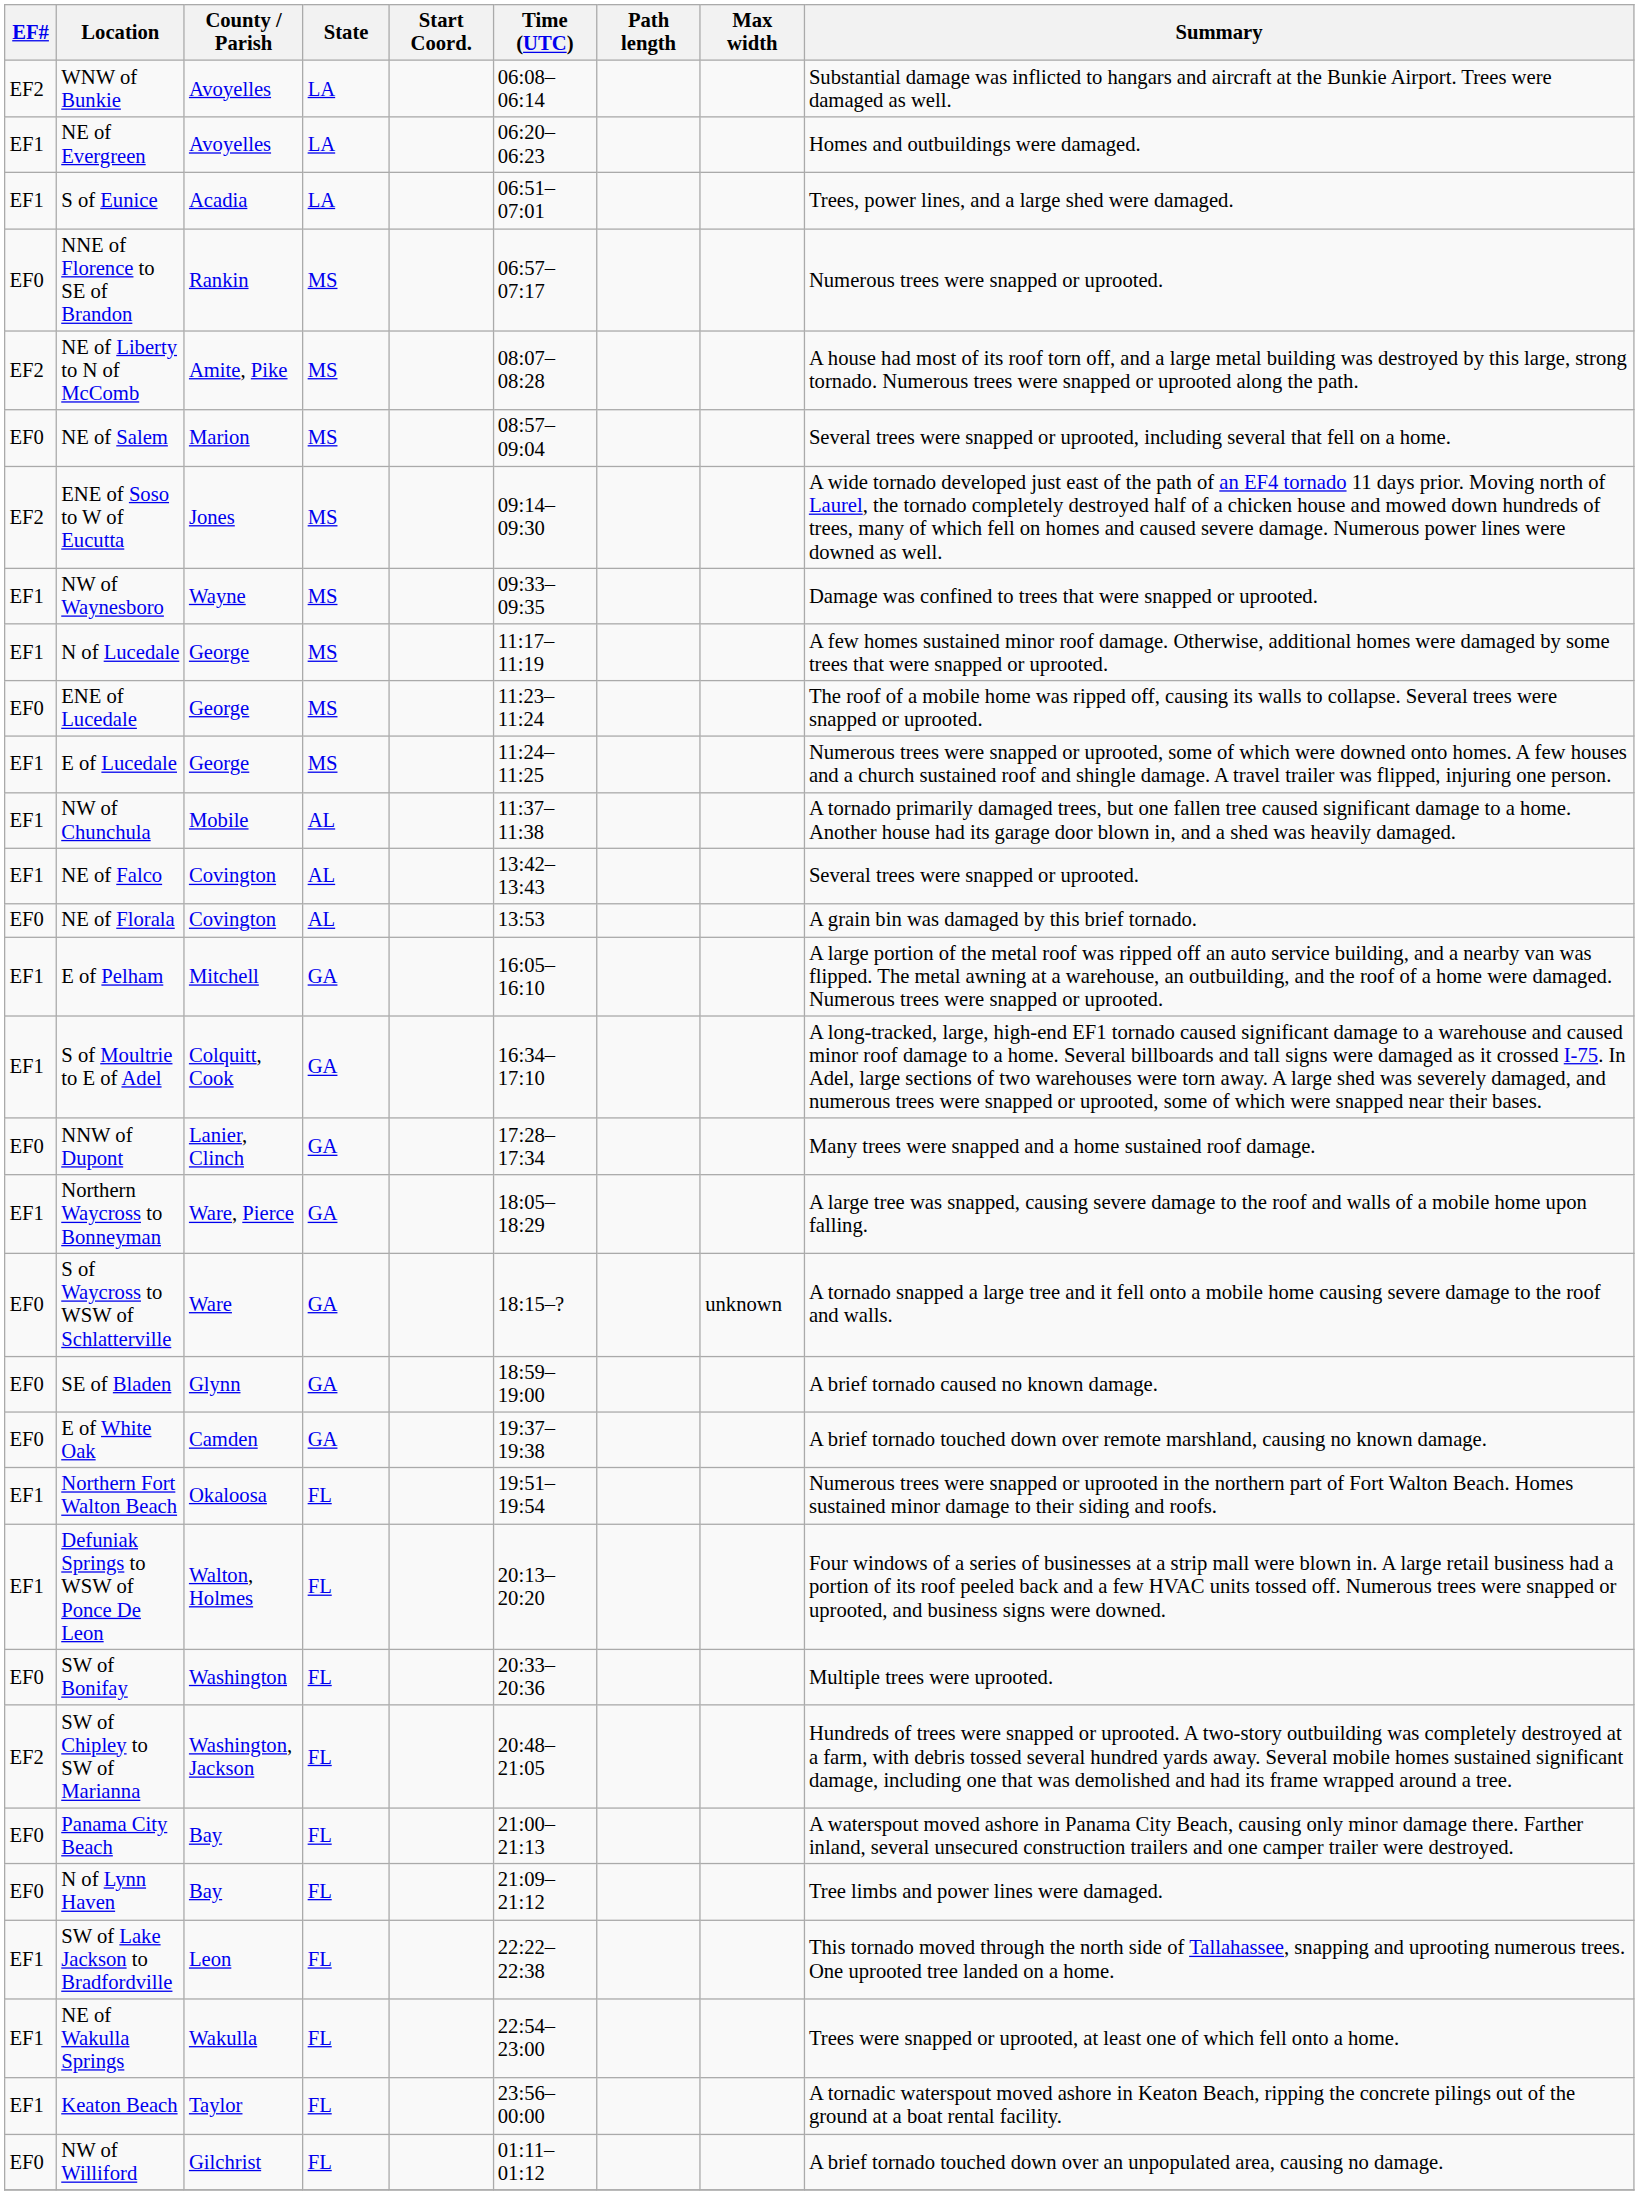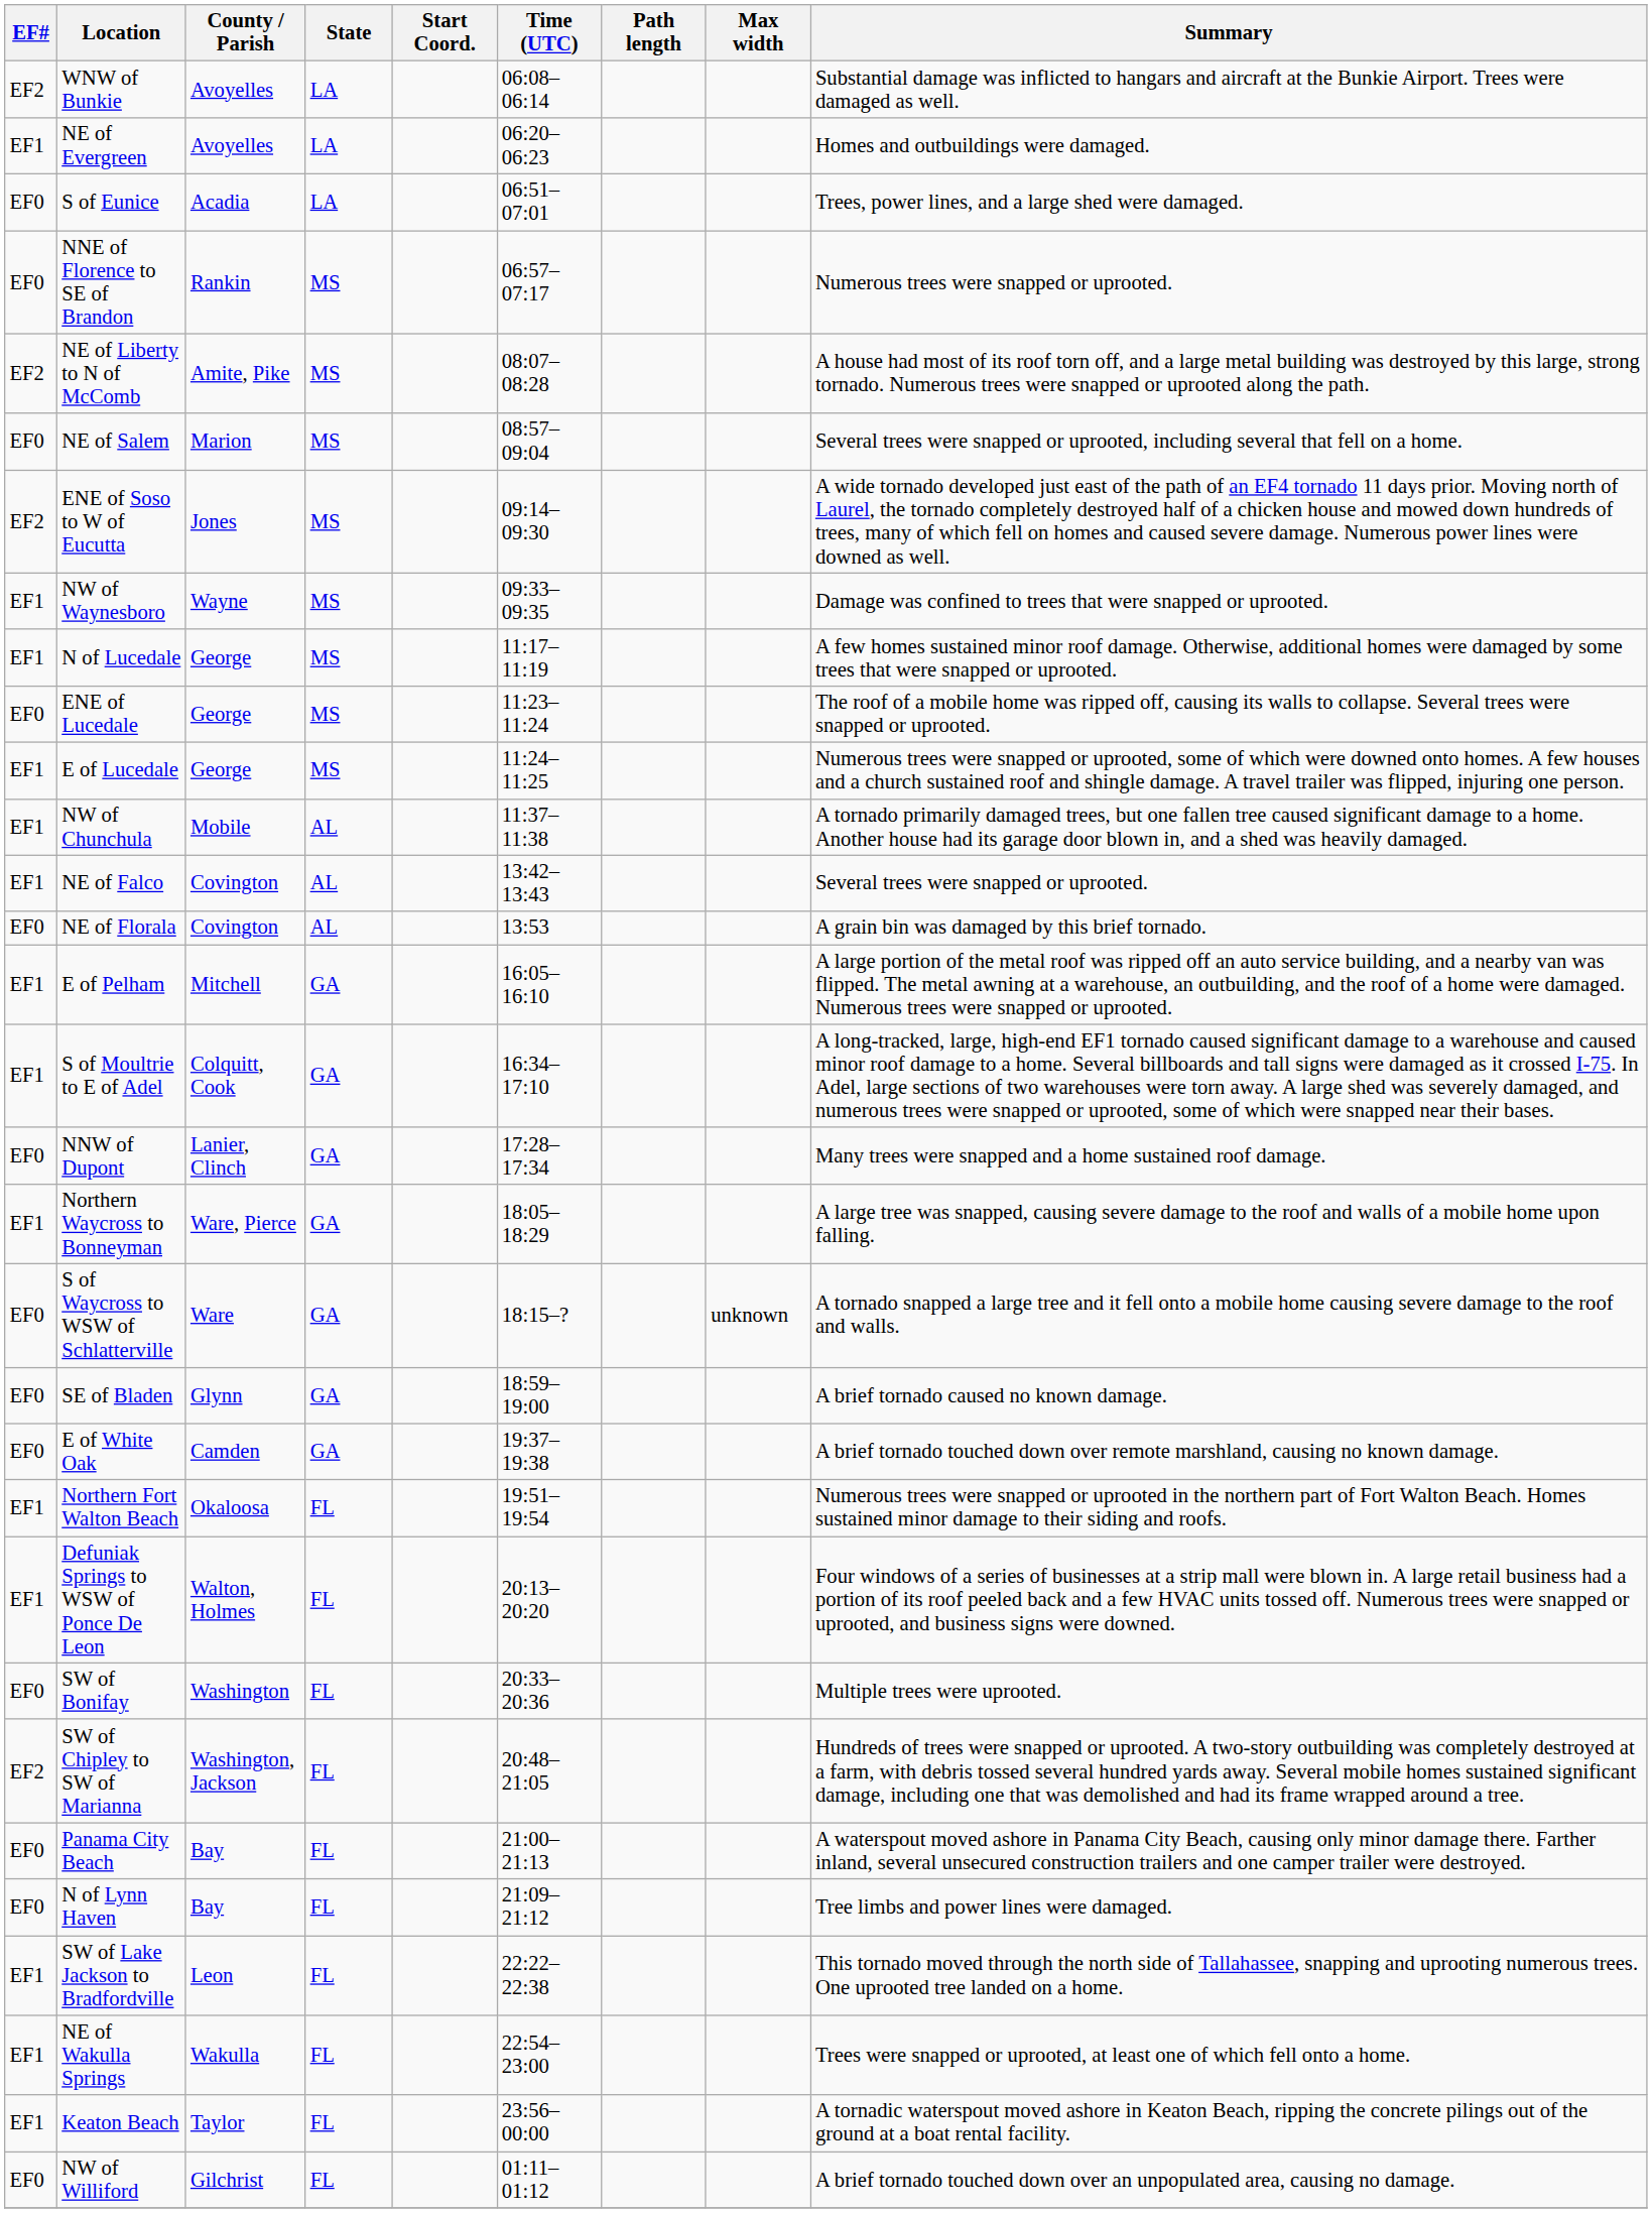 <table class="wikitable sortable" style="width:100%;">
 <tr>
 <th scope="col"  style="width:3%; text-align:center;"><a href='#'>EF#</a></th>
 <th scope="col"  style="width:7%; text-align:center;" class="unsortable">Location</th>
 <th scope="col"  style="width:6%; text-align:center;" class="unsortable">County / Parish</th>
 <th scope="col"  style="width:5%; text-align:center;">State</th>
 <th scope="col"  style="width:6%; text-align:center;">Start Coord.</th>
 <th scope="col"  style="width:6%; text-align:center;">Time (<a href='#'>UTC</a>)</th>
 <th scope="col"  style="width:6%; text-align:center;">Path length</th>
 <th scope="col"  style="width:6%; text-align:center;">Max width</th>
 <th scope="col" class="unsortable" style="width:48%; text-align:center;">Summary</th>
 </tr>
 <tr>
 <td>EF2</td>
 <td>WNW of <a href='#'>Bunkie</a></td>
 <td><a href='#'>Avoyelles</a></td>
 <td><a href='#'>LA</a></td>
 <td></td>
 <td>06:08–06:14</td>
 <td></td>
 <td></td>
 <td>Substantial damage was inflicted to hangars and aircraft at the Bunkie Airport. Trees were damaged as well.</td>
 </tr>
 <tr>
 <td>EF1</td>
 <td>NE of <a href='#'>Evergreen</a></td>
 <td><a href='#'>Avoyelles</a></td>
 <td><a href='#'>LA</a></td>
 <td></td>
 <td>06:20–06:23</td>
 <td></td>
 <td></td>
 <td>Homes and outbuildings were damaged.</td>
 </tr>
 <tr>
-<td>EF1</td>
+<td>EF0</td>
 <td>S of <a href='#'>Eunice</a></td>
 <td><a href='#'>Acadia</a></td>
 <td><a href='#'>LA</a></td>
 <td></td>
 <td>06:51–07:01</td>
 <td></td>
 <td></td>
 <td>Trees, power lines, and a large shed were damaged.</td>
 </tr>
 <tr>
 <td>EF0</td>
 <td>NNE of <a href='#'>Florence</a> to SE of <a href='#'>Brandon</a></td>
 <td><a href='#'>Rankin</a></td>
 <td><a href='#'>MS</a></td>
 <td></td>
 <td>06:57–07:17</td>
 <td></td>
 <td></td>
 <td>Numerous trees were snapped or uprooted.</td>
 </tr>
 <tr>
 <td>EF2</td>
 <td>NE of <a href='#'>Liberty</a> to N of <a href='#'>McComb</a></td>
 <td><a href='#'>Amite</a>, <a href='#'>Pike</a></td>
 <td><a href='#'>MS</a></td>
 <td></td>
 <td>08:07–08:28</td>
 <td></td>
 <td></td>
 <td>A house had most of its roof torn off, and a large metal building was destroyed by this large, strong tornado. Numerous trees were snapped or uprooted along the path.</td>
 </tr>
 <tr>
 <td>EF0</td>
 <td>NE of <a href='#'>Salem</a></td>
 <td><a href='#'>Marion</a></td>
 <td><a href='#'>MS</a></td>
 <td></td>
 <td>08:57–09:04</td>
 <td></td>
 <td></td>
 <td>Several trees were snapped or uprooted, including several that fell on a home.</td>
 </tr>
 <tr>
 <td>EF2</td>
 <td>ENE of <a href='#'>Soso</a> to W of <a href='#'>Eucutta</a></td>
 <td><a href='#'>Jones</a></td>
 <td><a href='#'>MS</a></td>
 <td></td>
 <td>09:14–09:30</td>
 <td></td>
 <td></td>
 <td>A  wide tornado developed just east of the path of <a href='#'>an EF4 tornado</a> 11 days prior. Moving north of <a href='#'>Laurel</a>, the tornado completely destroyed half of a chicken house and mowed down hundreds of trees, many of which fell on homes and caused severe damage. Numerous power lines were downed as well.</td>
 </tr>
 <tr>
 <td>EF1</td>
 <td>NW of <a href='#'>Waynesboro</a></td>
 <td><a href='#'>Wayne</a></td>
 <td><a href='#'>MS</a></td>
 <td></td>
 <td>09:33–09:35</td>
 <td></td>
 <td></td>
 <td>Damage was confined to trees that were snapped or uprooted.</td>
 </tr>
 <tr>
 <td>EF1</td>
 <td>N of <a href='#'>Lucedale</a></td>
 <td><a href='#'>George</a></td>
 <td><a href='#'>MS</a></td>
 <td></td>
 <td>11:17–11:19</td>
 <td></td>
 <td></td>
 <td>A few homes sustained minor roof damage. Otherwise, additional homes were damaged by some trees that were snapped or uprooted.</td>
 </tr>
 <tr>
 <td>EF0</td>
 <td>ENE of <a href='#'>Lucedale</a></td>
 <td><a href='#'>George</a></td>
 <td><a href='#'>MS</a></td>
 <td></td>
 <td>11:23–11:24</td>
 <td></td>
 <td></td>
 <td>The roof of a mobile home was ripped off, causing its walls to collapse. Several trees were snapped or uprooted.</td>
 </tr>
 <tr>
 <td>EF1</td>
 <td>E of <a href='#'>Lucedale</a></td>
 <td><a href='#'>George</a></td>
 <td><a href='#'>MS</a></td>
 <td></td>
 <td>11:24–11:25</td>
 <td></td>
 <td></td>
 <td>Numerous trees were snapped or uprooted, some of which were downed onto homes. A few houses and a church sustained roof and shingle damage. A travel trailer was flipped, injuring one person.</td>
 </tr>
 <tr>
 <td>EF1</td>
 <td>NW of <a href='#'>Chunchula</a></td>
 <td><a href='#'>Mobile</a></td>
 <td><a href='#'>AL</a></td>
 <td></td>
 <td>11:37–11:38</td>
 <td></td>
 <td></td>
 <td>A tornado primarily damaged trees, but one fallen tree caused significant damage to a home. Another house had its garage door blown in, and a shed was heavily damaged.</td>
 </tr>
 <tr>
 <td>EF1</td>
 <td>NE of <a href='#'>Falco</a></td>
 <td><a href='#'>Covington</a></td>
 <td><a href='#'>AL</a></td>
 <td></td>
 <td>13:42–13:43</td>
 <td></td>
 <td></td>
 <td>Several trees were snapped or uprooted.</td>
 </tr>
 <tr>
 <td>EF0</td>
 <td>NE of <a href='#'>Florala</a></td>
 <td><a href='#'>Covington</a></td>
 <td><a href='#'>AL</a></td>
 <td></td>
 <td>13:53</td>
 <td></td>
 <td></td>
 <td>A grain bin was damaged by this brief tornado.</td>
 </tr>
 <tr>
 <td>EF1</td>
 <td>E of <a href='#'>Pelham</a></td>
 <td><a href='#'>Mitchell</a></td>
 <td><a href='#'>GA</a></td>
 <td></td>
 <td>16:05–16:10</td>
 <td></td>
 <td></td>
 <td>A large portion of the metal roof was ripped off an auto service building, and a nearby van was flipped. The metal awning at a warehouse, an outbuilding, and the roof of a home were damaged. Numerous trees were snapped or uprooted.</td>
 </tr>
 <tr>
 <td>EF1</td>
 <td>S of <a href='#'>Moultrie</a> to E of <a href='#'>Adel</a></td>
 <td><a href='#'>Colquitt</a>, <a href='#'>Cook</a></td>
 <td><a href='#'>GA</a></td>
 <td></td>
 <td>16:34–17:10</td>
 <td></td>
 <td></td>
 <td>A long-tracked, large, high-end EF1 tornado caused significant damage to a warehouse and caused minor roof damage to a home. Several billboards and tall signs were damaged as it crossed <a href='#'>I-75</a>. In Adel, large sections of two warehouses were torn away. A large shed was severely damaged, and numerous trees were snapped or uprooted, some of which were snapped near their bases.</td>
 </tr>
 <tr>
 <td>EF0</td>
 <td>NNW of <a href='#'>Dupont</a></td>
 <td><a href='#'>Lanier</a>, <a href='#'>Clinch</a></td>
 <td><a href='#'>GA</a></td>
 <td></td>
 <td>17:28–17:34</td>
 <td></td>
 <td></td>
 <td>Many trees were snapped and a home sustained roof damage.</td>
 </tr>
 <tr>
 <td>EF1</td>
 <td>Northern <a href='#'>Waycross</a> to <a href='#'>Bonneyman</a></td>
 <td><a href='#'>Ware</a>, <a href='#'>Pierce</a></td>
 <td><a href='#'>GA</a></td>
 <td></td>
 <td>18:05–18:29</td>
 <td></td>
 <td></td>
 <td>A large tree was snapped, causing severe damage to the roof and walls of a mobile home upon falling.</td>
 </tr>
 <tr>
 <td>EF0</td>
 <td>S of <a href='#'>Waycross</a> to WSW of <a href='#'>Schlatterville</a></td>
 <td><a href='#'>Ware</a></td>
 <td><a href='#'>GA</a></td>
 <td></td>
 <td>18:15–?</td>
 <td></td>
 <td>unknown</td>
 <td>A tornado snapped a large tree and it fell onto a mobile home causing severe damage to the roof and walls.</td>
 </tr>
 <tr>
 <td>EF0</td>
 <td>SE of <a href='#'>Bladen</a></td>
 <td><a href='#'>Glynn</a></td>
 <td><a href='#'>GA</a></td>
 <td></td>
 <td>18:59–19:00</td>
 <td></td>
 <td></td>
 <td>A brief tornado caused no known damage.</td>
 </tr>
 <tr>
 <td>EF0</td>
 <td>E of <a href='#'>White Oak</a></td>
 <td><a href='#'>Camden</a></td>
 <td><a href='#'>GA</a></td>
 <td></td>
 <td>19:37–19:38</td>
 <td></td>
 <td></td>
 <td>A brief tornado touched down over remote marshland, causing no known damage.</td>
 </tr>
 <tr>
 <td>EF1</td>
 <td><a href='#'>Northern Fort Walton Beach</a></td>
 <td><a href='#'>Okaloosa</a></td>
 <td><a href='#'>FL</a></td>
 <td></td>
 <td>19:51–19:54</td>
 <td></td>
 <td></td>
 <td>Numerous trees were snapped or uprooted in the northern part of Fort Walton Beach. Homes sustained minor damage to their siding and roofs.</td>
 </tr>
 <tr>
 <td>EF1</td>
 <td><a href='#'>Defuniak Springs</a> to WSW of <a href='#'>Ponce De Leon</a></td>
 <td><a href='#'>Walton</a>, <a href='#'>Holmes</a></td>
 <td><a href='#'>FL</a></td>
 <td></td>
 <td>20:13–20:20</td>
 <td></td>
 <td></td>
 <td>Four windows of a series of businesses at a strip mall were blown in. A large retail business had a portion of its roof peeled back and a few HVAC units tossed off. Numerous trees were snapped or uprooted, and business signs were downed.</td>
 </tr>
 <tr>
 <td>EF0</td>
 <td>SW of <a href='#'>Bonifay</a></td>
 <td><a href='#'>Washington</a></td>
 <td><a href='#'>FL</a></td>
 <td></td>
 <td>20:33–20:36</td>
 <td></td>
 <td></td>
 <td>Multiple trees were uprooted.</td>
 </tr>
 <tr>
 <td>EF2</td>
 <td>SW of <a href='#'>Chipley</a> to SW of <a href='#'>Marianna</a></td>
 <td><a href='#'>Washington</a>, <a href='#'>Jackson</a></td>
 <td><a href='#'>FL</a></td>
 <td></td>
 <td>20:48–21:05</td>
 <td></td>
 <td></td>
 <td>Hundreds of trees were snapped or uprooted. A two-story outbuilding was completely destroyed at a farm, with debris tossed several hundred yards away. Several mobile homes sustained significant damage, including one that was demolished and had its frame wrapped around a tree.</td>
 </tr>
 <tr>
 <td>EF0</td>
 <td><a href='#'>Panama City Beach</a></td>
 <td><a href='#'>Bay</a></td>
 <td><a href='#'>FL</a></td>
 <td></td>
 <td>21:00–21:13</td>
 <td></td>
 <td></td>
 <td>A waterspout moved ashore in Panama City Beach, causing only minor damage there. Farther inland, several unsecured construction trailers and one camper trailer were destroyed.</td>
 </tr>
 <tr>
 <td>EF0</td>
 <td>N of <a href='#'>Lynn Haven</a></td>
 <td><a href='#'>Bay</a></td>
 <td><a href='#'>FL</a></td>
 <td></td>
 <td>21:09–21:12</td>
 <td></td>
 <td></td>
 <td>Tree limbs and power lines were damaged.</td>
 </tr>
 <tr>
 <td>EF1</td>
 <td>SW of <a href='#'>Lake Jackson</a> to <a href='#'>Bradfordville</a></td>
 <td><a href='#'>Leon</a></td>
 <td><a href='#'>FL</a></td>
 <td></td>
 <td>22:22–22:38</td>
 <td></td>
 <td></td>
 <td>This tornado moved through the north side of <a href='#'>Tallahassee</a>, snapping and uprooting numerous trees. One uprooted tree landed on a home.</td>
 </tr>
 <tr>
 <td>EF1</td>
 <td>NE of <a href='#'>Wakulla Springs</a></td>
 <td><a href='#'>Wakulla</a></td>
 <td><a href='#'>FL</a></td>
 <td></td>
 <td>22:54–23:00</td>
 <td></td>
 <td></td>
 <td>Trees were snapped or uprooted, at least one of which fell onto a home.</td>
 </tr>
 <tr>
 <td>EF1</td>
 <td><a href='#'>Keaton Beach</a></td>
 <td><a href='#'>Taylor</a></td>
 <td><a href='#'>FL</a></td>
 <td></td>
 <td>23:56–00:00</td>
 <td></td>
 <td></td>
 <td>A tornadic waterspout moved ashore in Keaton Beach, ripping the concrete pilings out of the ground at a boat rental facility.</td>
 </tr>
 <tr>
 <td>EF0</td>
 <td>NW of <a href='#'>Williford</a></td>
 <td><a href='#'>Gilchrist</a></td>
 <td><a href='#'>FL</a></td>
 <td></td>
 <td>01:11–01:12</td>
 <td></td>
 <td></td>
 <td>A brief tornado touched down over an unpopulated area, causing no damage.</td>
 </tr>
 <tr>
 </tr>
 </table>
